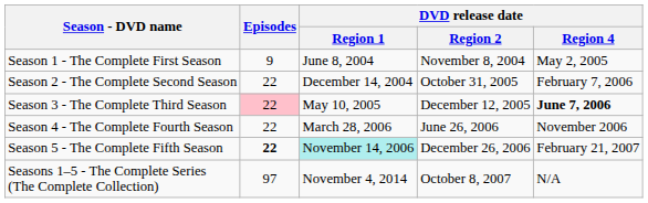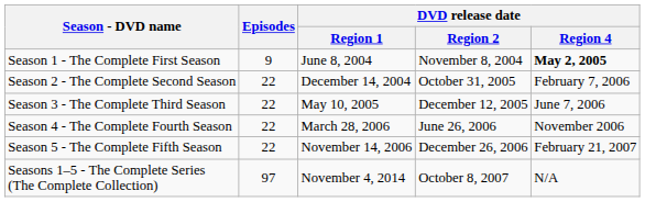 <table class="wikitable">
 <tr>
 <th rowspan="2"><a href='#'>Season</a> - DVD name</th>
 <th rowspan="2"><a href='#'>Episodes</a></th>
 <th colspan="3"><a href='#'>DVD</a> release date</th>
 </tr>
 <tr>
 <th><a href='#'>Region 1</a></th>
 <th><a href='#'>Region 2</a></th>
 <th><a href='#'>Region 4</a></th>
 </tr>
 <tr>
 <td>Season 1 - The Complete First Season</td>
 <td style="text-align:center;">9</td>
 <td>June 8, 2004</td>
 <td>November 8, 2004</td>
-<td>May 2, 2005</td>
+<td><strong>May 2, 2005</strong></td>
 </tr>
 <tr>
 <td>Season 2 - The Complete Second Season</td>
 <td style="text-align:center;">22</td>
 <td>December 14, 2004</td>
 <td>October 31, 2005</td>
 <td>February 7, 2006</td>
 </tr>
 <tr>
 <td>Season 3 - The Complete Third Season</td>
-<td style="background: pink; text-align:center;">22</td>
+<td style="text-align:center;">22</td>
 <td>May 10, 2005</td>
 <td>December 12, 2005</td>
-<td><strong>June 7, 2006</strong></td>
+<td>June 7, 2006</td>
 </tr>
 <tr>
 <td>Season 4 - The Complete Fourth Season</td>
 <td style="text-align:center;">22</td>
 <td>March 28, 2006</td>
 <td>June 26, 2006</td>
 <td>November 2006</td>
 </tr>
 <tr>
 <td>Season 5 - The Complete Fifth Season</td>
-<td style="text-align:center;"><strong>22</strong></td>
-<td style="background: paleturquoise;">November 14, 2006</td>
+<td style="text-align:center;">22</td>
+<td>November 14, 2006</td>
 <td>December 26, 2006</td>
 <td>February 21, 2007</td>
 </tr>
 <tr>
 <td>Seasons 1–5 - The Complete Series<br>(The Complete Collection)</td>
 <td style="text-align:center;">97</td>
 <td>November 4, 2014</td>
 <td>October 8, 2007</td>
 <td>N/A</td>
 </tr>
 </table>
